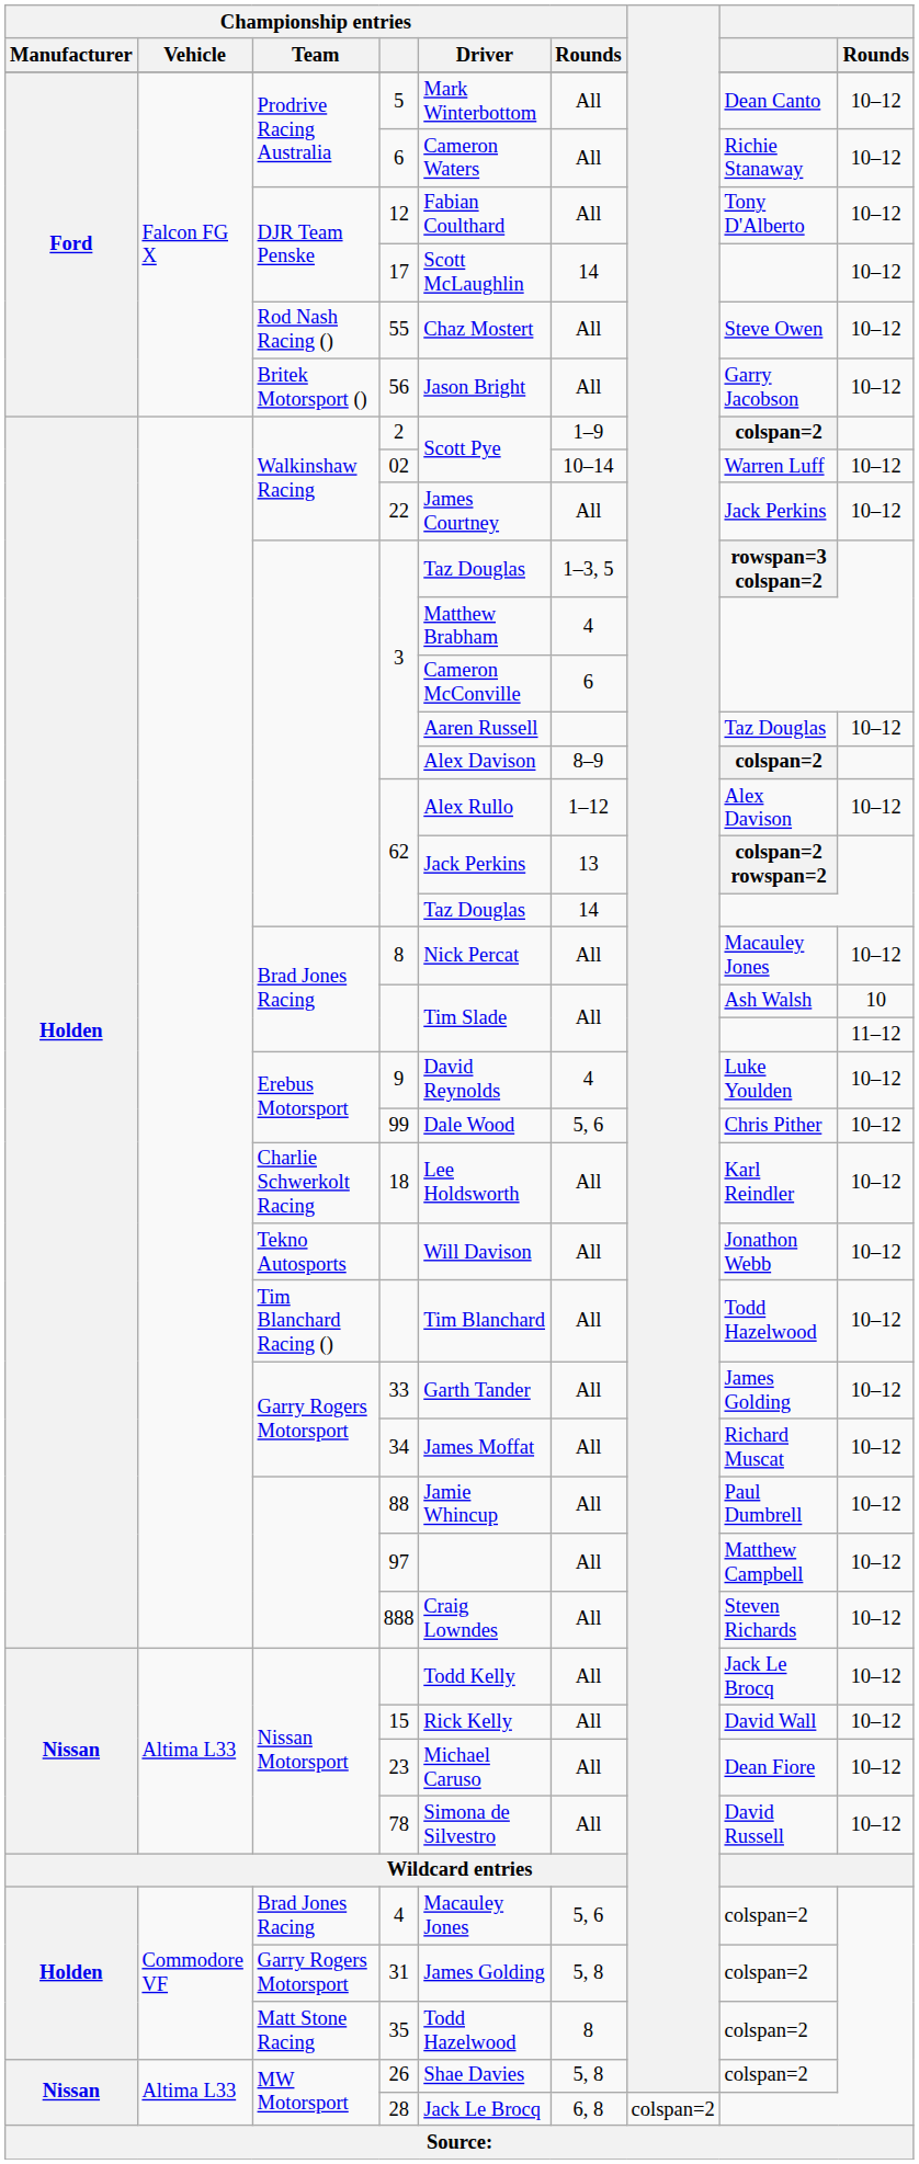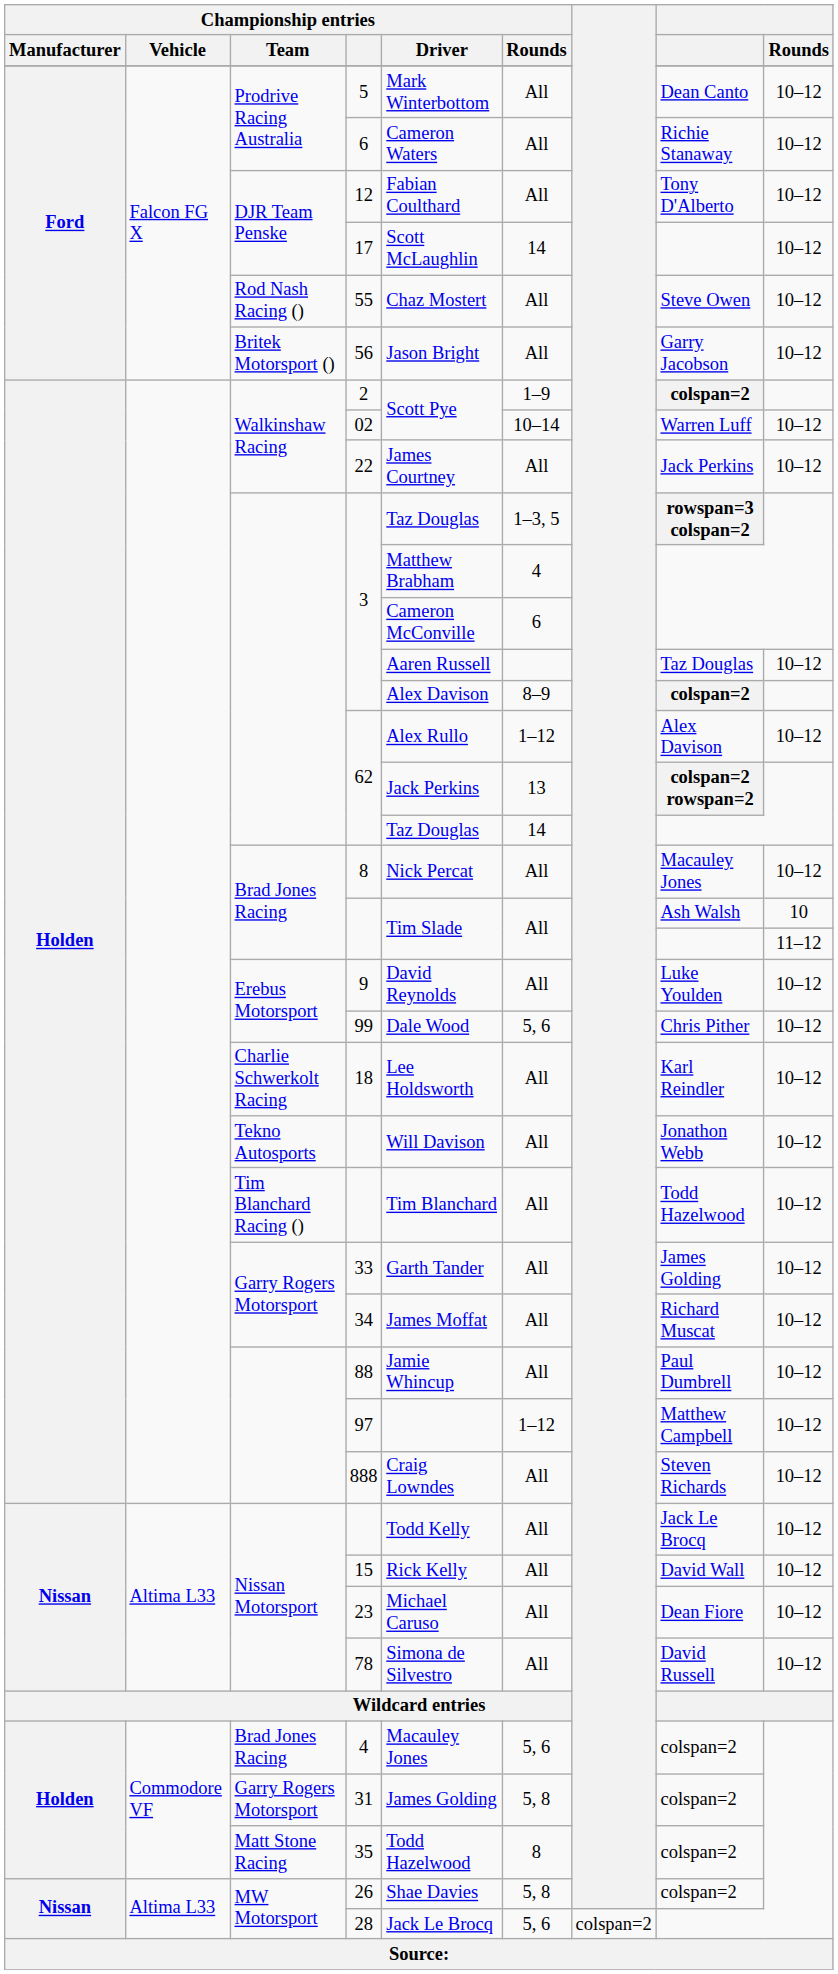 <table class="wikitable" style="font-size: 85%">
 <tr>
 <th colspan="6">Championship entries</th>
 <th rowspan=42></th>
 <th colspan="2"></th>
 </tr>
 <tr>
 <th>Manufacturer</th>
 <th>Vehicle</th>
 <th>Team</th>
 <th valign="middle"></th>
 <th>Driver</th>
 <th>Rounds</th>
 <th></th>
 <th>Rounds</th>
 </tr>
 <tr>
 </tr>
 <tr>
 <th rowspan=6><a href='#'>Ford</a></th>
 <td rowspan="6"><a href='#'>Falcon FG X</a></td>
 <td rowspan="2"><a href='#'>Prodrive Racing Australia</a></td>
 <td align="center">5</td>
 <td> <a href='#'>Mark Winterbottom</a></td>
 <td align=center>All</td>
 <td> <a href='#'>Dean Canto</a></td>
 <td align=center>10–12</td>
 </tr>
 <tr>
 <td align="center">6</td>
 <td> <a href='#'>Cameron Waters</a></td>
 <td align=center>All</td>
 <td> <a href='#'>Richie Stanaway</a></td>
 <td align=center>10–12</td>
 </tr>
 <tr>
 <td rowspan="2"><a href='#'>DJR Team Penske</a></td>
 <td align="center">12</td>
 <td> <a href='#'>Fabian Coulthard</a></td>
 <td align=center>All</td>
 <td> <a href='#'>Tony D'Alberto</a></td>
 <td align=center>10–12</td>
 </tr>
 <tr>
 <td align="center">17</td>
 <td> <a href='#'>Scott McLaughlin</a></td>
 <td align=center>14</td>
 <td></td>
 <td align=center>10–12</td>
 </tr>
 <tr>
 <td><a href='#'>Rod Nash Racing</a> ()</td>
 <td align="center">55</td>
 <td> <a href='#'>Chaz Mostert</a></td>
 <td align=center>All</td>
 <td> <a href='#'>Steve Owen</a></td>
 <td align=center>10–12</td>
 </tr>
 <tr>
 <td><a href='#'>Britek Motorsport</a> ()</td>
 <td align="center">56</td>
 <td> <a href='#'>Jason Bright</a></td>
 <td align=center>All</td>
 <td> <a href='#'>Garry Jacobson</a></td>
 <td align=center>10–12</td>
 </tr>
 <tr>
 <th rowspan=24><a href='#'>Holden</a></th>
 <td rowspan="24"></td>
 <td rowspan="3"><a href='#'>Walkinshaw Racing</a></td>
 <td align="center">2</td>
 <td rowspan="2"> <a href='#'>Scott Pye</a></td>
 <td align=center>1–9</td>
 <th>colspan=2 </th>
 </tr>
 <tr>
 <td align="center">02</td>
 <td align="center">10–14</td>
 <td> <a href='#'>Warren Luff</a></td>
 <td align=center>10–12</td>
 </tr>
 <tr>
 <td align="center">22</td>
 <td> <a href='#'>James Courtney</a></td>
 <td align=center>All</td>
 <td> <a href='#'>Jack Perkins</a></td>
 <td align=center>10–12</td>
 </tr>
 <tr>
 <td rowspan="8"></td>
 <td rowspan="5" align="center">3</td>
 <td> <a href='#'>Taz Douglas</a></td>
 <td align=center>1–3, 5</td>
 <th>rowspan=3 colspan=2 </th>
 </tr>
 <tr>
 <td> <a href='#'>Matthew Brabham</a></td>
 <td align="center">4</td>
 </tr>
 <tr>
 <td> <a href='#'>Cameron McConville</a></td>
 <td align="center">6</td>
 </tr>
 <tr>
 <td> <a href='#'>Aaren Russell</a></td>
 <td align="center"></td>
 <td> <a href='#'>Taz Douglas</a></td>
 <td align=center>10–12</td>
 </tr>
 <tr>
 <td> <a href='#'>Alex Davison</a></td>
 <td align="center">8–9</td>
 <th>colspan=2 </th>
 </tr>
 <tr>
 <td align="center" rowspan=3>62</td>
 <td> <a href='#'>Alex Rullo</a></td>
 <td align=center>1–12</td>
 <td> <a href='#'>Alex Davison</a></td>
 <td align=center>10–12</td>
 </tr>
 <tr>
 <td> <a href='#'>Jack Perkins</a></td>
 <td align=center>13</td>
 <th>colspan=2 rowspan=2 </th>
 </tr>
 <tr>
 <td> <a href='#'>Taz Douglas</a></td>
 <td align=center>14</td>
 </tr>
 <tr>
 <td rowspan="3"><a href='#'>Brad Jones Racing</a></td>
 <td align="center">8</td>
 <td> <a href='#'>Nick Percat</a></td>
 <td align=center>All</td>
 <td> <a href='#'>Macauley Jones</a></td>
 <td align=center>10–12</td>
 </tr>
 <tr>
 <td rowspan="2" align="center"></td>
 <td rowspan="2"> <a href='#'>Tim Slade</a></td>
 <td rowspan="2" align=center>All</td>
 <td> <a href='#'>Ash Walsh</a></td>
 <td align=center>10</td>
 </tr>
 <tr>
 <td></td>
 <td align=center>11–12</td>
 </tr>
 <tr>
 <td rowspan="2"><a href='#'>Erebus Motorsport</a></td>
 <td align="center">9</td>
 <td> <a href='#'>David Reynolds</a></td>
-<td align="center">4</td>
+<td align=center>All</td>
 <td> <a href='#'>Luke Youlden</a></td>
 <td align=center>10–12</td>
 </tr>
 <tr>
 <td align="center">99</td>
 <td> <a href='#'>Dale Wood</a></td>
 <td align=center>5, 6</td>
 <td> <a href='#'>Chris Pither</a></td>
 <td align=center>10–12</td>
 </tr>
 <tr>
 <td><a href='#'>Charlie Schwerkolt Racing</a></td>
 <td align="center">18</td>
 <td> <a href='#'>Lee Holdsworth</a></td>
 <td align=center>All</td>
 <td> <a href='#'>Karl Reindler</a></td>
 <td align=center>10–12</td>
 </tr>
 <tr>
 <td><a href='#'>Tekno Autosports</a></td>
 <td align="center"></td>
 <td> <a href='#'>Will Davison</a></td>
 <td align=center>All</td>
 <td> <a href='#'>Jonathon Webb</a></td>
 <td align=center>10–12</td>
 </tr>
 <tr>
 <td><a href='#'>Tim Blanchard Racing</a> ()</td>
 <td align="center"></td>
 <td> <a href='#'>Tim Blanchard</a></td>
 <td align=center>All</td>
 <td> <a href='#'>Todd Hazelwood</a></td>
 <td align=center>10–12</td>
 </tr>
 <tr>
 <td rowspan="2"><a href='#'>Garry Rogers Motorsport</a></td>
 <td align="center">33</td>
 <td> <a href='#'>Garth Tander</a></td>
 <td align=center>All</td>
 <td> <a href='#'>James Golding</a></td>
 <td align=center>10–12</td>
 </tr>
 <tr>
 <td align="center">34</td>
 <td> <a href='#'>James Moffat</a></td>
 <td align=center>All</td>
 <td> <a href='#'>Richard Muscat</a></td>
 <td align=center>10–12</td>
 </tr>
 <tr>
 <td rowspan="3"></td>
 <td align="center">88</td>
 <td> <a href='#'>Jamie Whincup</a></td>
 <td align=center>All</td>
 <td> <a href='#'>Paul Dumbrell</a></td>
 <td align=center>10–12</td>
 </tr>
 <tr>
 <td align="center">97</td>
 <td></td>
-<td align=center>All</td>
+<td align=center>1–12</td>
 <td> <a href='#'>Matthew Campbell</a></td>
 <td align=center>10–12</td>
 </tr>
 <tr>
 <td align="center">888</td>
 <td> <a href='#'>Craig Lowndes</a></td>
 <td align=center>All</td>
 <td> <a href='#'>Steven Richards</a></td>
 <td align=center>10–12</td>
 </tr>
 <tr>
 <th rowspan=4><a href='#'>Nissan</a></th>
 <td rowspan="4"><a href='#'>Altima L33</a></td>
 <td rowspan="4"><a href='#'>Nissan Motorsport</a></td>
 <td align="center"></td>
 <td> <a href='#'>Todd Kelly</a></td>
 <td align=center>All</td>
 <td> <a href='#'>Jack Le Brocq</a></td>
 <td align=center>10–12</td>
 </tr>
 <tr>
 <td align="center">15</td>
 <td> <a href='#'>Rick Kelly</a></td>
 <td align=center>All</td>
 <td> <a href='#'>David Wall</a></td>
 <td align=center>10–12</td>
 </tr>
 <tr>
 <td align="center">23</td>
 <td> <a href='#'>Michael Caruso</a></td>
 <td align=center>All</td>
 <td> <a href='#'>Dean Fiore</a></td>
 <td align=center>10–12</td>
 </tr>
 <tr>
 <td align="center">78</td>
 <td> <a href='#'>Simona de Silvestro</a></td>
 <td align=center>All</td>
 <td> <a href='#'>David Russell</a></td>
 <td align=center>10–12</td>
 </tr>
 <tr>
 <th colspan="9">Wildcard entries</th>
 </tr>
 <tr>
 <th rowspan=3><a href='#'>Holden</a></th>
 <td rowspan=3><a href='#'>Commodore VF</a></td>
 <td><a href='#'>Brad Jones Racing</a></td>
 <td align="center">4</td>
 <td> <a href='#'>Macauley Jones</a></td>
 <td align=center>5, 6</td>
 <td>colspan=2 </td>
 </tr>
 <tr>
 <td><a href='#'>Garry Rogers Motorsport</a></td>
 <td align="center">31</td>
 <td> <a href='#'>James Golding</a></td>
 <td align=center>5, 8</td>
 <td>colspan=2 </td>
 </tr>
 <tr>
 <td><a href='#'>Matt Stone Racing</a></td>
 <td align="center">35</td>
 <td> <a href='#'>Todd Hazelwood</a></td>
 <td align=center>8</td>
 <td>colspan=2 </td>
 </tr>
 <tr>
 <th rowspan=2><a href='#'>Nissan</a></th>
 <td rowspan="2"><a href='#'>Altima L33</a></td>
 <td rowspan="2"><a href='#'>MW Motorsport</a></td>
 <td align="center">26</td>
 <td> <a href='#'>Shae Davies</a></td>
 <td align=center>5, 8</td>
 <td>colspan=2 </td>
 </tr>
 <tr>
 <td align="center">28</td>
 <td> <a href='#'>Jack Le Brocq</a></td>
-<td align="center">6, 8</td>
+<td align=center>5, 6</td>
 <td>colspan=2 </td>
 </tr>
 <tr>
 <th colspan=9>Source:</th>
 </tr>
 </table>
